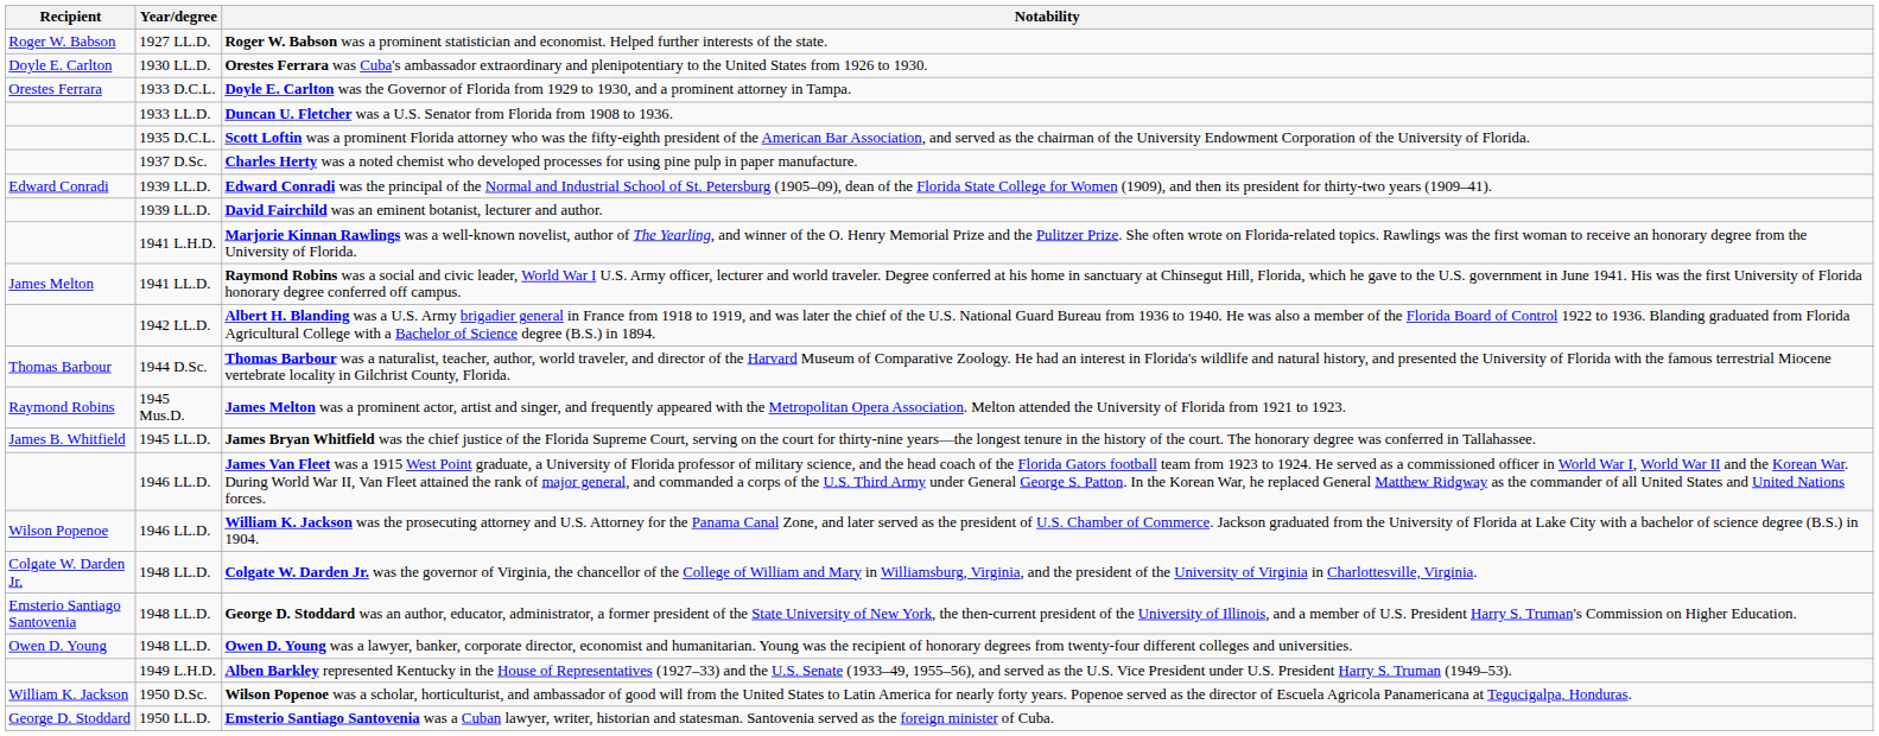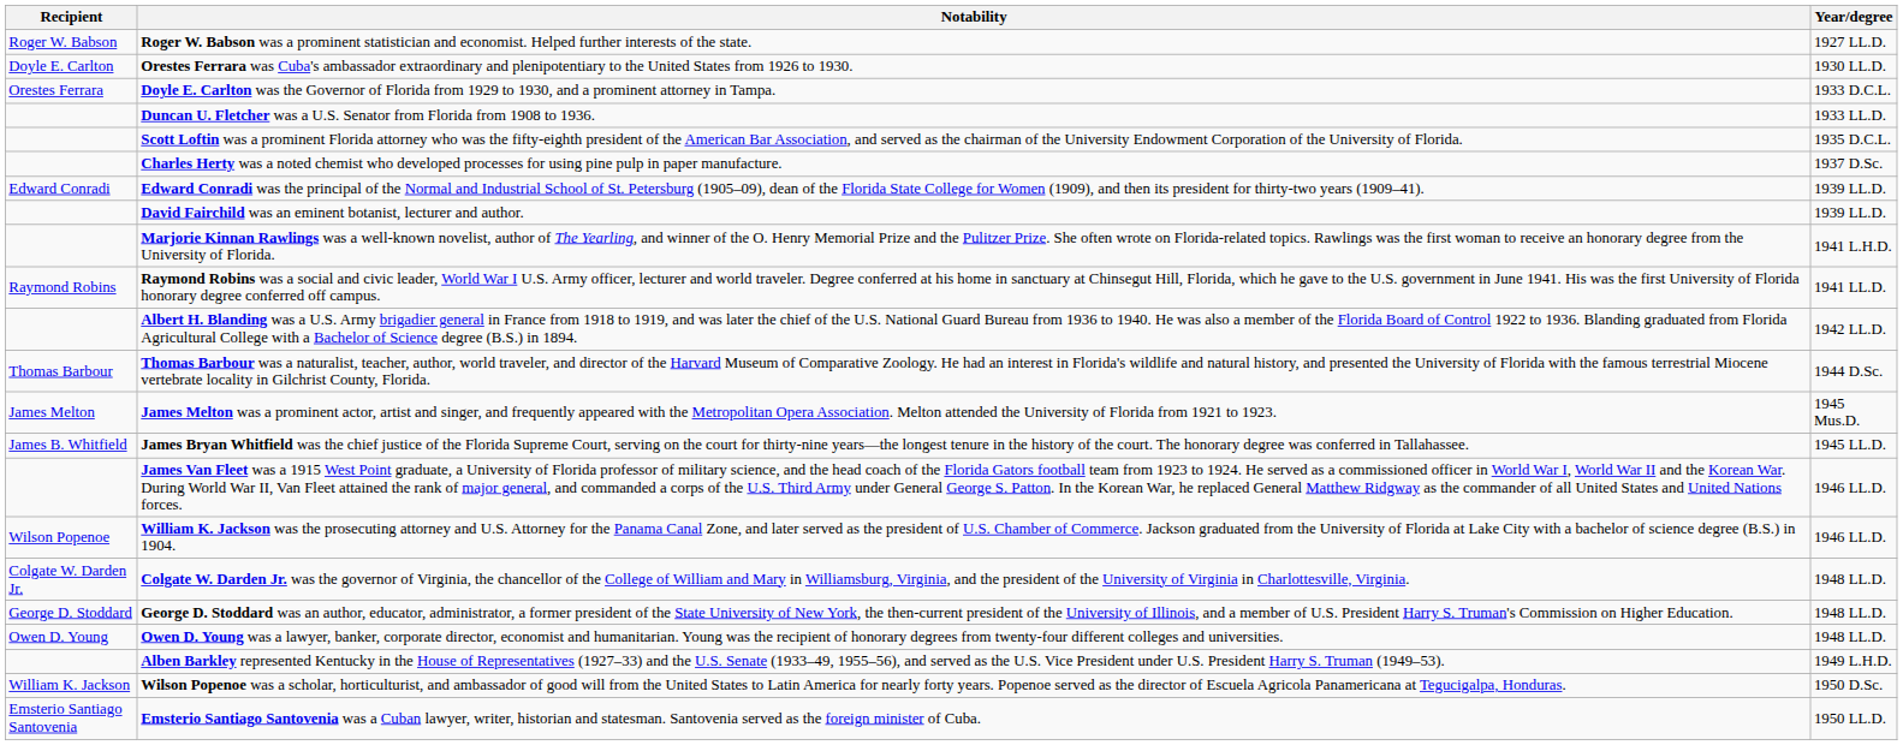 <table class="wikitable">
 <tr>
 <th>Recipient</th>
+<th>Notability</th>
 <th>Year/degree</th>
-<th>Notability</th>
 </tr>
 <tr>
 <td><a href='#'>Roger W. Babson</a></td>
+<td><strong>Roger W. Babson</strong> was a prominent statistician and economist.  Helped further interests of the state.</td>
 <td>1927 LL.D.</td>
-<td><strong>Roger W. Babson</strong> was a prominent statistician and economist.  Helped further interests of the state.</td>
 </tr>
 <tr>
 <td><a href='#'>Doyle E. Carlton</a></td>
+<td><strong>Orestes Ferrara</strong> was <a href='#'>Cuba</a>'s ambassador extraordinary and plenipotentiary to the United States from 1926 to 1930.</td>
 <td>1930 LL.D.</td>
-<td><strong>Orestes Ferrara</strong> was <a href='#'>Cuba</a>'s ambassador extraordinary and plenipotentiary to the United States from 1926 to 1930.</td>
 </tr>
 <tr>
 <td><a href='#'>Orestes Ferrara</a></td>
+<td><strong><a href='#'>Doyle E. Carlton</a></strong> was the Governor of Florida from 1929 to 1930, and a prominent attorney in Tampa.</td>
 <td>1933 D.C.L.</td>
-<td><strong><a href='#'>Doyle E. Carlton</a></strong> was the Governor of Florida from 1929 to 1930, and a prominent attorney in Tampa.</td>
 </tr>
 <tr>
 <td></td>
+<td><strong><a href='#'>Duncan U. Fletcher</a></strong> was a U.S. Senator from Florida from 1908 to 1936.</td>
 <td>1933 LL.D.</td>
-<td><strong><a href='#'>Duncan U. Fletcher</a></strong> was a U.S. Senator from Florida from 1908 to 1936.</td>
 </tr>
 <tr>
 <td></td>
+<td><strong><a href='#'>Scott Loftin</a></strong> was a prominent Florida attorney who was the fifty-eighth president of the <a href='#'>American Bar Association</a>, and served as the chairman of the University Endowment Corporation of the University of Florida.</td>
 <td>1935 D.C.L.</td>
-<td><strong><a href='#'>Scott Loftin</a></strong> was a prominent Florida attorney who was the fifty-eighth president of the <a href='#'>American Bar Association</a>, and served as the chairman of the University Endowment Corporation of the University of Florida.</td>
 </tr>
 <tr>
 <td></td>
+<td><strong><a href='#'>Charles Herty</a></strong> was a noted chemist who developed processes for using pine pulp in paper manufacture.</td>
 <td>1937 D.Sc.</td>
-<td><strong><a href='#'>Charles Herty</a></strong> was a noted chemist who developed processes for using pine pulp in paper manufacture.</td>
 </tr>
 <tr>
 <td><a href='#'>Edward Conradi</a></td>
+<td><strong><a href='#'>Edward Conradi</a></strong> was the principal of the <a href='#'>Normal and Industrial School of St. Petersburg</a> (1905–09), dean of the <a href='#'>Florida State College for Women</a> (1909), and then its president for thirty-two years (1909–41).</td>
 <td>1939 LL.D.</td>
-<td><strong><a href='#'>Edward Conradi</a></strong> was the principal of the <a href='#'>Normal and Industrial School of St. Petersburg</a> (1905–09), dean of the <a href='#'>Florida State College for Women</a> (1909), and then its president for thirty-two years (1909–41).</td>
 </tr>
 <tr>
 <td></td>
+<td><strong><a href='#'>David Fairchild</a></strong> was an eminent botanist, lecturer and author.</td>
 <td>1939 LL.D.</td>
-<td><strong><a href='#'>David Fairchild</a></strong> was an eminent botanist, lecturer and author.</td>
 </tr>
 <tr>
 <td></td>
+<td><strong><a href='#'>Marjorie Kinnan Rawlings</a></strong> was a well-known novelist, author of <em><a href='#'>The Yearling</a></em>, and winner of the O. Henry Memorial Prize and the <a href='#'>Pulitzer Prize</a>.  She often wrote on Florida-related topics.  Rawlings was the first woman to receive an honorary degree from the University of Florida.</td>
 <td>1941 L.H.D.</td>
-<td><strong><a href='#'>Marjorie Kinnan Rawlings</a></strong> was a well-known novelist, author of <em><a href='#'>The Yearling</a></em>, and winner of the O. Henry Memorial Prize and the <a href='#'>Pulitzer Prize</a>.  She often wrote on Florida-related topics.  Rawlings was the first woman to receive an honorary degree from the University of Florida.</td>
+</tr>
+<tr>
+<td><a href='#'>Raymond Robins</a></td>
+<td><strong>Raymond Robins</strong> was a social and civic leader, <a href='#'>World War I</a> U.S. Army officer, lecturer and world traveler.  Degree conferred at his home in sanctuary at Chinsegut Hill, Florida, which he gave to the U.S. government in June 1941.  His was the first University of Florida honorary degree conferred off campus.</td>
+<td>1941 LL.D.</td>
+</tr>
+<tr>
+<td></td>
+<td><strong><a href='#'>Albert H. Blanding</a></strong> was a U.S. Army <a href='#'>brigadier general</a> in France from 1918 to 1919, and was later the chief of the U.S. National Guard Bureau from 1936 to 1940.  He was also a member of the <a href='#'>Florida Board of Control</a> 1922 to 1936.  Blanding graduated from Florida Agricultural College with a <a href='#'>Bachelor of Science</a> degree (B.S.) in 1894.</td>
+<td>1942 LL.D.</td>
+</tr>
+<tr>
+<td><a href='#'>Thomas Barbour</a></td>
+<td><strong><a href='#'>Thomas Barbour</a></strong> was a naturalist, teacher, author, world traveler, and director of the <a href='#'>Harvard</a> Museum of Comparative Zoology. He had an interest in Florida's wildlife and natural history, and presented the University of Florida with the famous terrestrial Miocene vertebrate locality in Gilchrist County, Florida.</td>
+<td>1944 D.Sc.</td>
 </tr>
 <tr>
 <td><a href='#'>James Melton</a></td>
-<td>1941 LL.D.</td>
-<td><strong>Raymond Robins</strong> was a social and civic leader, <a href='#'>World War I</a> U.S. Army officer, lecturer and world traveler.  Degree conferred at his home in sanctuary at Chinsegut Hill, Florida, which he gave to the U.S. government in June 1941.  His was the first University of Florida honorary degree conferred off campus.</td>
+<td><strong><a href='#'>James Melton</a></strong> was a prominent actor, artist and singer, and frequently appeared with the <a href='#'>Metropolitan Opera Association</a>.  Melton attended the University of Florida from 1921 to 1923.</td>
+<td>1945 Mus.D.</td>
+</tr>
+<tr>
+<td><a href='#'>James B. Whitfield</a></td>
+<td><strong>James Bryan Whitfield</strong> was the chief justice of the Florida Supreme Court, serving on the court for thirty-nine years—the longest tenure in the history of the court.  The honorary degree was conferred in Tallahassee.</td>
+<td>1945 LL.D.</td>
 </tr>
 <tr>
 <td></td>
-<td>1942 LL.D.</td>
-<td><strong><a href='#'>Albert H. Blanding</a></strong> was a U.S. Army <a href='#'>brigadier general</a> in France from 1918 to 1919, and was later the chief of the U.S. National Guard Bureau from 1936 to 1940.  He was also a member of the <a href='#'>Florida Board of Control</a> 1922 to 1936.  Blanding graduated from Florida Agricultural College with a <a href='#'>Bachelor of Science</a> degree (B.S.) in 1894.</td>
+<td><strong><a href='#'>James Van Fleet</a></strong> was a 1915 <a href='#'>West Point</a> graduate, a University of Florida professor of military science, and the head coach of the <a href='#'>Florida Gators football</a> team from 1923 to 1924.  He served as a commissioned officer in <a href='#'>World War I</a>, <a href='#'>World War II</a> and the <a href='#'>Korean War</a>.  During World War II, Van Fleet attained the rank of <a href='#'>major general</a>, and commanded a corps of the <a href='#'>U.S. Third Army</a> under General <a href='#'>George S. Patton</a>.  In the Korean War, he replaced General <a href='#'>Matthew Ridgway</a> as the commander of all United States and <a href='#'>United Nations</a> forces.</td>
+<td>1946 LL.D.</td>
 </tr>
 <tr>
-<td><a href='#'>Thomas Barbour</a></td>
-<td>1944 D.Sc.</td>
-<td><strong><a href='#'>Thomas Barbour</a></strong> was a naturalist, teacher, author, world traveler, and director of the <a href='#'>Harvard</a> Museum of Comparative Zoology. He had an interest in Florida's wildlife and natural history, and presented the University of Florida with the famous terrestrial Miocene vertebrate locality in Gilchrist County, Florida.</td>
+<td><a href='#'>Wilson Popenoe</a></td>
+<td><strong><a href='#'>William K. Jackson</a></strong> was the prosecuting attorney and U.S. Attorney for the <a href='#'>Panama Canal</a> Zone, and later served as the president of <a href='#'>U.S. Chamber of Commerce</a>.  Jackson graduated from the University of Florida at Lake City with a bachelor of science degree (B.S.) in 1904.</td>
+<td>1946 LL.D.</td>
 </tr>
 <tr>
-<td><a href='#'>Raymond Robins</a></td>
-<td>1945 Mus.D.</td>
-<td><strong><a href='#'>James Melton</a></strong> was a prominent actor, artist and singer, and frequently appeared with the <a href='#'>Metropolitan Opera Association</a>.  Melton attended the University of Florida from 1921 to 1923.</td>
+<td><a href='#'>Colgate W. Darden Jr.</a></td>
+<td><strong><a href='#'>Colgate W. Darden Jr.</a></strong> was the governor of Virginia, the chancellor of the <a href='#'>College of William and Mary</a> in <a href='#'>Williamsburg, Virginia</a>, and the president of the <a href='#'>University of Virginia</a> in <a href='#'>Charlottesville, Virginia</a>.</td>
+<td>1948 LL.D.</td>
 </tr>
 <tr>
-<td><a href='#'>James B. Whitfield</a></td>
-<td>1945 LL.D.</td>
-<td><strong>James Bryan Whitfield</strong> was the chief justice of the Florida Supreme Court, serving on the court for thirty-nine years—the longest tenure in the history of the court.  The honorary degree was conferred in Tallahassee.</td>
+<td><a href='#'>George D. Stoddard</a></td>
+<td><strong>George D. Stoddard</strong> was an author, educator, administrator, a former president of the <a href='#'>State University of New York</a>, the then-current president of the  <a href='#'>University of Illinois</a>, and a member of U.S. President <a href='#'>Harry S. Truman</a>'s Commission on Higher Education.</td>
+<td>1948 LL.D.</td>
+</tr>
+<tr>
+<td><a href='#'>Owen D. Young</a></td>
+<td><strong><a href='#'>Owen D. Young</a></strong> was a lawyer, banker, corporate director, economist and humanitarian.  Young was the recipient of honorary degrees from twenty-four different colleges and universities.</td>
+<td>1948 LL.D.</td>
 </tr>
 <tr>
 <td></td>
-<td>1946 LL.D.</td>
-<td><strong><a href='#'>James Van Fleet</a></strong> was a 1915 <a href='#'>West Point</a> graduate, a University of Florida professor of military science, and the head coach of the <a href='#'>Florida Gators football</a> team from 1923 to 1924.  He served as a commissioned officer in <a href='#'>World War I</a>, <a href='#'>World War II</a> and the <a href='#'>Korean War</a>.  During World War II, Van Fleet attained the rank of <a href='#'>major general</a>, and commanded a corps of the <a href='#'>U.S. Third Army</a> under General <a href='#'>George S. Patton</a>.  In the Korean War, he replaced General <a href='#'>Matthew Ridgway</a> as the commander of all United States and <a href='#'>United Nations</a> forces.</td>
+<td><strong><a href='#'>Alben Barkley</a></strong> represented Kentucky in the <a href='#'>House of Representatives</a> (1927–33) and the <a href='#'>U.S. Senate</a> (1933–49, 1955–56), and served as the U.S. Vice President under U.S. President <a href='#'>Harry S. Truman</a> (1949–53).</td>
+<td>1949 L.H.D.</td>
 </tr>
 <tr>
-<td><a href='#'>Wilson Popenoe</a></td>
-<td>1946 LL.D.</td>
-<td><strong><a href='#'>William K. Jackson</a></strong> was the prosecuting attorney and U.S. Attorney for the <a href='#'>Panama Canal</a> Zone, and later served as the president of <a href='#'>U.S. Chamber of Commerce</a>.  Jackson graduated from the University of Florida at Lake City with a bachelor of science degree (B.S.) in 1904.</td>
-</tr>
-<tr>
-<td><a href='#'>Colgate W. Darden Jr.</a></td>
-<td>1948 LL.D.</td>
-<td><strong><a href='#'>Colgate W. Darden Jr.</a></strong> was the governor of Virginia, the chancellor of the <a href='#'>College of William and Mary</a> in <a href='#'>Williamsburg, Virginia</a>, and the president of the <a href='#'>University of Virginia</a> in <a href='#'>Charlottesville, Virginia</a>.</td>
+<td><a href='#'>William K. Jackson</a></td>
+<td><strong>Wilson Popenoe</strong> was a scholar, horticulturist, and ambassador of good will from the United States to Latin America for nearly forty years.  Popenoe served as the director of Escuela Agricola Panamericana at <a href='#'>Tegucigalpa, Honduras</a>.</td>
+<td>1950 D.Sc.</td>
 </tr>
 <tr>
 <td><a href='#'>Emsterio Santiago Santovenia</a></td>
-<td>1948 LL.D.</td>
-<td><strong>George D. Stoddard</strong> was an author, educator, administrator, a former president of the <a href='#'>State University of New York</a>, the then-current president of the  <a href='#'>University of Illinois</a>, and a member of U.S. President <a href='#'>Harry S. Truman</a>'s Commission on Higher Education.</td>
-</tr>
-<tr>
-<td><a href='#'>Owen D. Young</a></td>
-<td>1948 LL.D.</td>
-<td><strong><a href='#'>Owen D. Young</a></strong> was a lawyer, banker, corporate director, economist and humanitarian.  Young was the recipient of honorary degrees from twenty-four different colleges and universities.</td>
-</tr>
-<tr>
-<td></td>
-<td>1949 L.H.D.</td>
-<td><strong><a href='#'>Alben Barkley</a></strong> represented Kentucky in the <a href='#'>House of Representatives</a> (1927–33) and the <a href='#'>U.S. Senate</a> (1933–49, 1955–56), and served as the U.S. Vice President under U.S. President <a href='#'>Harry S. Truman</a> (1949–53).</td>
-</tr>
-<tr>
-<td><a href='#'>William K. Jackson</a></td>
-<td>1950 D.Sc.</td>
-<td><strong>Wilson Popenoe</strong> was a scholar, horticulturist, and ambassador of good will from the United States to Latin America for nearly forty years.  Popenoe served as the director of Escuela Agricola Panamericana at <a href='#'>Tegucigalpa, Honduras</a>.</td>
-</tr>
-<tr>
-<td><a href='#'>George D. Stoddard</a></td>
+<td><strong><a href='#'>Emsterio Santiago Santovenia</a></strong> was a <a href='#'>Cuban</a> lawyer, writer, historian and statesman.  Santovenia served as the <a href='#'>foreign minister</a> of Cuba.</td>
 <td>1950 LL.D.</td>
-<td><strong><a href='#'>Emsterio Santiago Santovenia</a></strong> was a <a href='#'>Cuban</a> lawyer, writer, historian and statesman.  Santovenia served as the <a href='#'>foreign minister</a> of Cuba.</td>
 </tr>
 </table>
